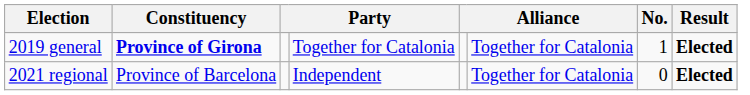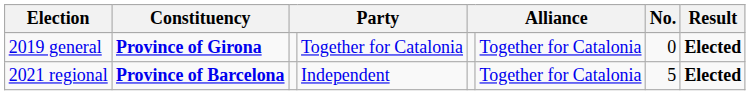 <table class="wikitable" style="text-align:left;">
 <tr>
 <th scope=col>Election</th>
 <th scope=col>Constituency</th>
 <th scope=col colspan="2">Party</th>
 <th scope=col colspan="2">Alliance</th>
 <th scope=col>No.</th>
 <th scope=col>Result</th>
 </tr>
 <tr>
 <td><a href='#'>2019 general</a></td>
 <td><strong><a href='#'>Province of Girona</a></strong></td>
 <td style="background:"></td>
 <td><a href='#'>Together for Catalonia</a></td>
 <td style="background:"></td>
 <td><a href='#'>Together for Catalonia</a></td>
-<td align=right>1</td>
+<td align=right>0</td>
 <td><strong>Elected</strong></td>
 </tr>
 <tr>
 <td><a href='#'>2021 regional</a></td>
-<td><a href='#'>Province of Barcelona</a></td>
+<td><strong><a href='#'>Province of Barcelona</a></strong></td>
 <td style="background:"></td>
 <td><a href='#'>Independent</a></td>
 <td style="background:"></td>
 <td><a href='#'>Together for Catalonia</a></td>
-<td align=right>0</td>
+<td align=right>5</td>
 <td><strong>Elected</strong></td>
 </tr>
 </table>
